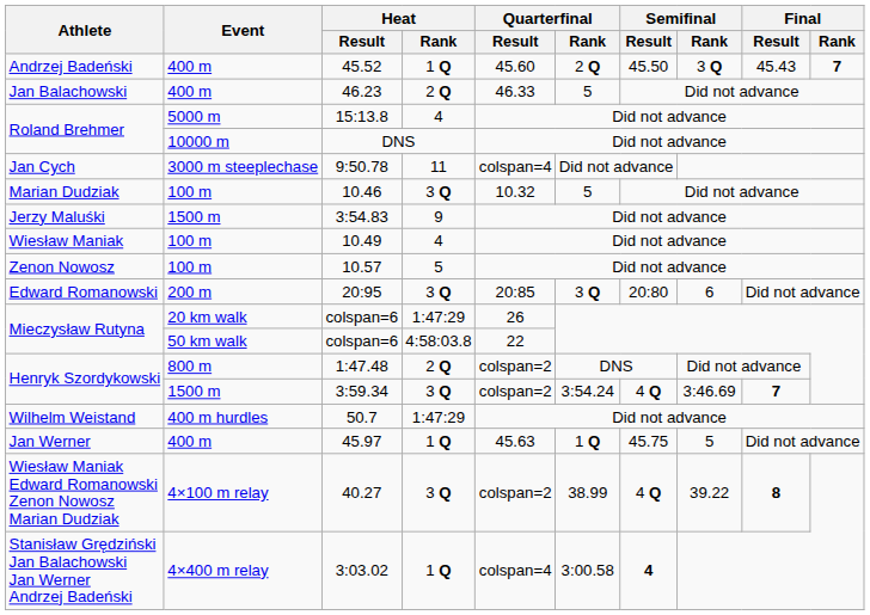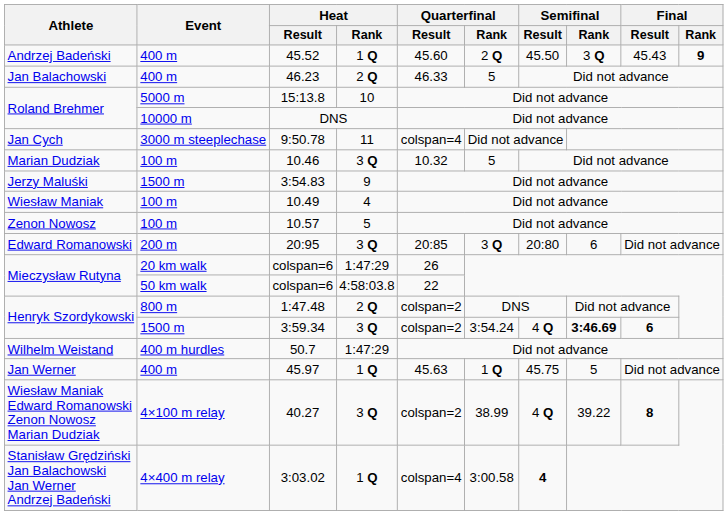 <table class="wikitable" style="font-size:90%">
 <tr>
 <th rowspan="2">Athlete</th>
 <th rowspan="2">Event</th>
 <th colspan="2">Heat</th>
 <th colspan="2">Quarterfinal</th>
 <th colspan="2">Semifinal</th>
 <th colspan="2">Final</th>
 </tr>
 <tr style="font-size:95%">
 <th>Result</th>
 <th>Rank</th>
 <th>Result</th>
 <th>Rank</th>
 <th>Result</th>
 <th>Rank</th>
 <th>Result</th>
 <th>Rank</th>
 </tr>
 <tr align=center>
 <td align=left><a href='#'>Andrzej Badeński</a></td>
 <td align=left><a href='#'>400 m</a></td>
 <td>45.52</td>
 <td>1 <strong>Q</strong></td>
 <td>45.60</td>
 <td>2 <strong>Q</strong></td>
 <td>45.50</td>
 <td>3 <strong>Q</strong></td>
 <td>45.43</td>
-<td><strong>7</strong></td>
+<td><strong>9</strong></td>
 </tr>
 <tr align=center>
 <td align=left><a href='#'>Jan Balachowski</a></td>
 <td align=left><a href='#'>400 m</a></td>
 <td>46.23</td>
 <td>2 <strong>Q</strong></td>
 <td>46.33</td>
 <td>5</td>
 <td colspan=4>Did not advance</td>
 </tr>
 <tr align=center>
 <td align=left rowspan=2><a href='#'>Roland Brehmer</a></td>
 <td align=left><a href='#'>5000 m</a></td>
 <td>15:13.8</td>
-<td>4</td>
+<td>10</td>
 <td colspan=6>Did not advance</td>
 </tr>
 <tr align=center>
 <td align=left><a href='#'>10000 m</a></td>
 <td colspan=2>DNS</td>
 <td colspan=6>Did not advance</td>
 </tr>
 <tr align=center>
 <td align=left><a href='#'>Jan Cych</a></td>
 <td align=left><a href='#'>3000 m steeplechase</a></td>
 <td>9:50.78</td>
 <td>11</td>
 <td>colspan=4 </td>
 <td colspan=2>Did not advance</td>
 </tr>
 <tr align=center>
 <td align=left rowspan=1><a href='#'>Marian Dudziak</a></td>
 <td align=left><a href='#'>100 m</a></td>
 <td>10.46</td>
 <td>3 <strong>Q</strong></td>
 <td>10.32</td>
 <td>5</td>
 <td colspan=4>Did not advance</td>
 </tr>
 <tr align=center>
 <td align=left><a href='#'>Jerzy Maluśki</a></td>
 <td align=left><a href='#'>1500 m</a></td>
 <td>3:54.83</td>
 <td>9</td>
 <td colspan=6>Did not advance</td>
 </tr>
 <tr align=center>
 <td align=left><a href='#'>Wiesław Maniak</a></td>
 <td align=left><a href='#'>100 m</a></td>
 <td>10.49</td>
 <td>4</td>
 <td colspan=6>Did not advance</td>
 </tr>
 <tr align=center>
 <td align=left><a href='#'>Zenon Nowosz</a></td>
 <td align=left><a href='#'>100 m</a></td>
 <td>10.57</td>
 <td>5</td>
 <td colspan=6>Did not advance</td>
 </tr>
 <tr align=center>
 <td align=left rowspan=1><a href='#'>Edward Romanowski</a></td>
 <td align=left><a href='#'>200 m</a></td>
 <td>20:95</td>
 <td>3 <strong>Q</strong></td>
 <td>20:85</td>
 <td>3 <strong>Q</strong></td>
 <td>20:80</td>
 <td>6</td>
 <td colspan=2>Did not advance</td>
 </tr>
 <tr align=center>
 <td align=left rowspan=2><a href='#'>Mieczysław Rutyna</a></td>
 <td align=left><a href='#'>20 km walk</a></td>
 <td>colspan=6 </td>
 <td>1:47:29</td>
 <td>26</td>
 </tr>
 <tr align=center>
 <td align=left><a href='#'>50 km walk</a></td>
 <td>colspan=6 </td>
 <td>4:58:03.8</td>
 <td>22</td>
 </tr>
 <tr align=center>
 <td align=left rowspan=2><a href='#'>Henryk Szordykowski</a></td>
 <td align=left><a href='#'>800 m</a></td>
 <td>1:47.48</td>
 <td>2 <strong>Q</strong></td>
 <td>colspan=2 </td>
 <td colspan=2>DNS</td>
 <td colspan=2>Did not advance</td>
 </tr>
 <tr align=center>
 <td align=left><a href='#'>1500 m</a></td>
 <td>3:59.34</td>
 <td>3 <strong>Q</strong></td>
 <td>colspan=2 </td>
 <td>3:54.24</td>
 <td>4 <strong>Q</strong></td>
-<td>3:46.69</td>
-<td><strong>7</strong></td>
+<td><strong>3:46.69</strong></td>
+<td><strong>6</strong></td>
 </tr>
 <tr align=center>
 <td align=left><a href='#'>Wilhelm Weistand</a></td>
 <td align=left><a href='#'>400 m hurdles</a></td>
 <td>50.7</td>
 <td>1:47:29</td>
 <td colspan=6>Did not advance</td>
 </tr>
 <tr align=center>
 <td align=left><a href='#'>Jan Werner</a></td>
 <td align=left><a href='#'>400 m</a></td>
 <td>45.97</td>
 <td>1 <strong>Q</strong></td>
 <td>45.63</td>
 <td>1 <strong>Q</strong></td>
 <td>45.75</td>
 <td>5</td>
 <td colspan=2>Did not advance</td>
 </tr>
 <tr align=center>
 <td align=left><a href='#'>Wiesław Maniak</a><br> <a href='#'>Edward Romanowski</a><br><a href='#'>Zenon Nowosz</a><br><a href='#'>Marian Dudziak</a></td>
 <td align=left><a href='#'>4×100 m relay</a></td>
 <td>40.27</td>
 <td>3 <strong>Q</strong></td>
 <td>colspan=2 </td>
 <td>38.99</td>
 <td>4 <strong>Q</strong></td>
 <td>39.22</td>
 <td><strong>8</strong></td>
 </tr>
 <tr align=center>
 <td align=left><a href='#'>Stanisław Grędziński</a><br><a href='#'>Jan Balachowski</a><br><a href='#'>Jan Werner</a><br><a href='#'>Andrzej Badeński</a></td>
 <td align=left><a href='#'>4×400 m relay</a></td>
 <td>3:03.02</td>
 <td>1 <strong>Q</strong></td>
 <td>colspan=4 </td>
 <td>3:00.58</td>
 <td><strong>4</strong></td>
 </tr>
 </table>
